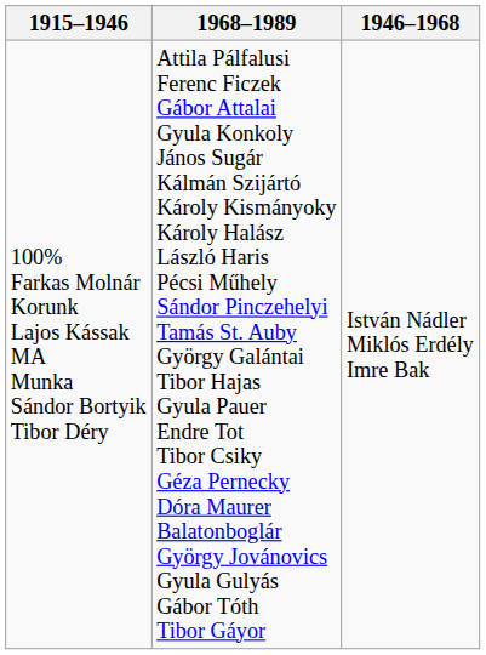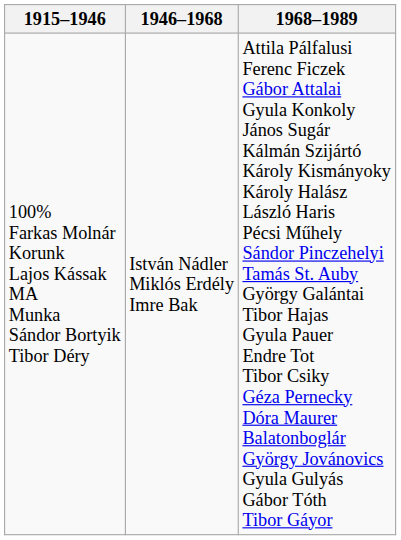 <table class="wikitable sortable">
 <tr>
 <th>1915–1946</th>
+<th>1946–1968</th>
 <th>1968–1989</th>
-<th>1946–1968</th>
 </tr>
 <tr>
 <td>100%<br>Farkas Molnár<br>Korunk<br>Lajos Kássak<br>MA<br>Munka<br>Sándor Bortyik<br>Tibor Déry</td>
+<td>István Nádler<br>Miklós Erdély<br>Imre Bak</td>
 <td>Attila Pálfalusi<br>Ferenc Ficzek<br><a href='#'>Gábor Attalai</a><br>Gyula Konkoly<br>János Sugár<br>Kálmán Szijártó<br>Károly Kismányoky<br>Károly Halász<br>László Haris<br>Pécsi Műhely<br><a href='#'>Sándor Pinczehelyi</a><br><a href='#'>Tamás St. Auby</a><br>György Galántai<br>Tibor Hajas<br>Gyula Pauer<br>Endre Tot<br>Tibor Csiky<br><a href='#'>Géza Pernecky</a><br><a href='#'>Dóra Maurer</a><br><a href='#'>Balatonboglár</a><br><a href='#'>György Jovánovics</a><br>Gyula Gulyás<br>Gábor Tóth<br><a href='#'>Tibor Gáyor</a></td>
-<td>István Nádler<br>Miklós Erdély<br>Imre Bak</td>
 </tr>
 </table>
